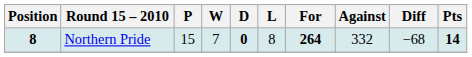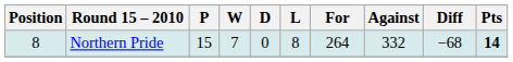 <table class="wikitable" style="text-align:center; font-size:85%;">
 <tr>
 <th width=40 abbr="Position">Position</th>
 <th width=100>Round 15 – 2010</th>
 <th width=20 abbr="Played">P</th>
 <th width=20 abbr="Won">W</th>
 <th width=20 abbr="Drawn">D</th>
 <th width=20 abbr="Lost">L</th>
 <th width=40 abbr="Points for">For</th>
 <th width=40 abbr="Points against">Against</th>
 <th width=40 abbr="Points difference">Diff</th>
 <th width=20 abbr="Points">Pts</th>
 </tr>
 <tr style="background: #d7ebed;">
-<td><strong>8</strong></td>
+<td>8</td>
 <td style="text-align:left;"> <a href='#'>Northern Pride</a></td>
 <td>15</td>
 <td>7</td>
-<td><strong>0</strong></td>
+<td>0</td>
 <td>8</td>
-<td><strong>264</strong></td>
+<td>264</td>
 <td>332</td>
 <td>−68</td>
 <td><strong>14</strong></td>
 </tr>
 <tr>
 </tr>
 </table>
